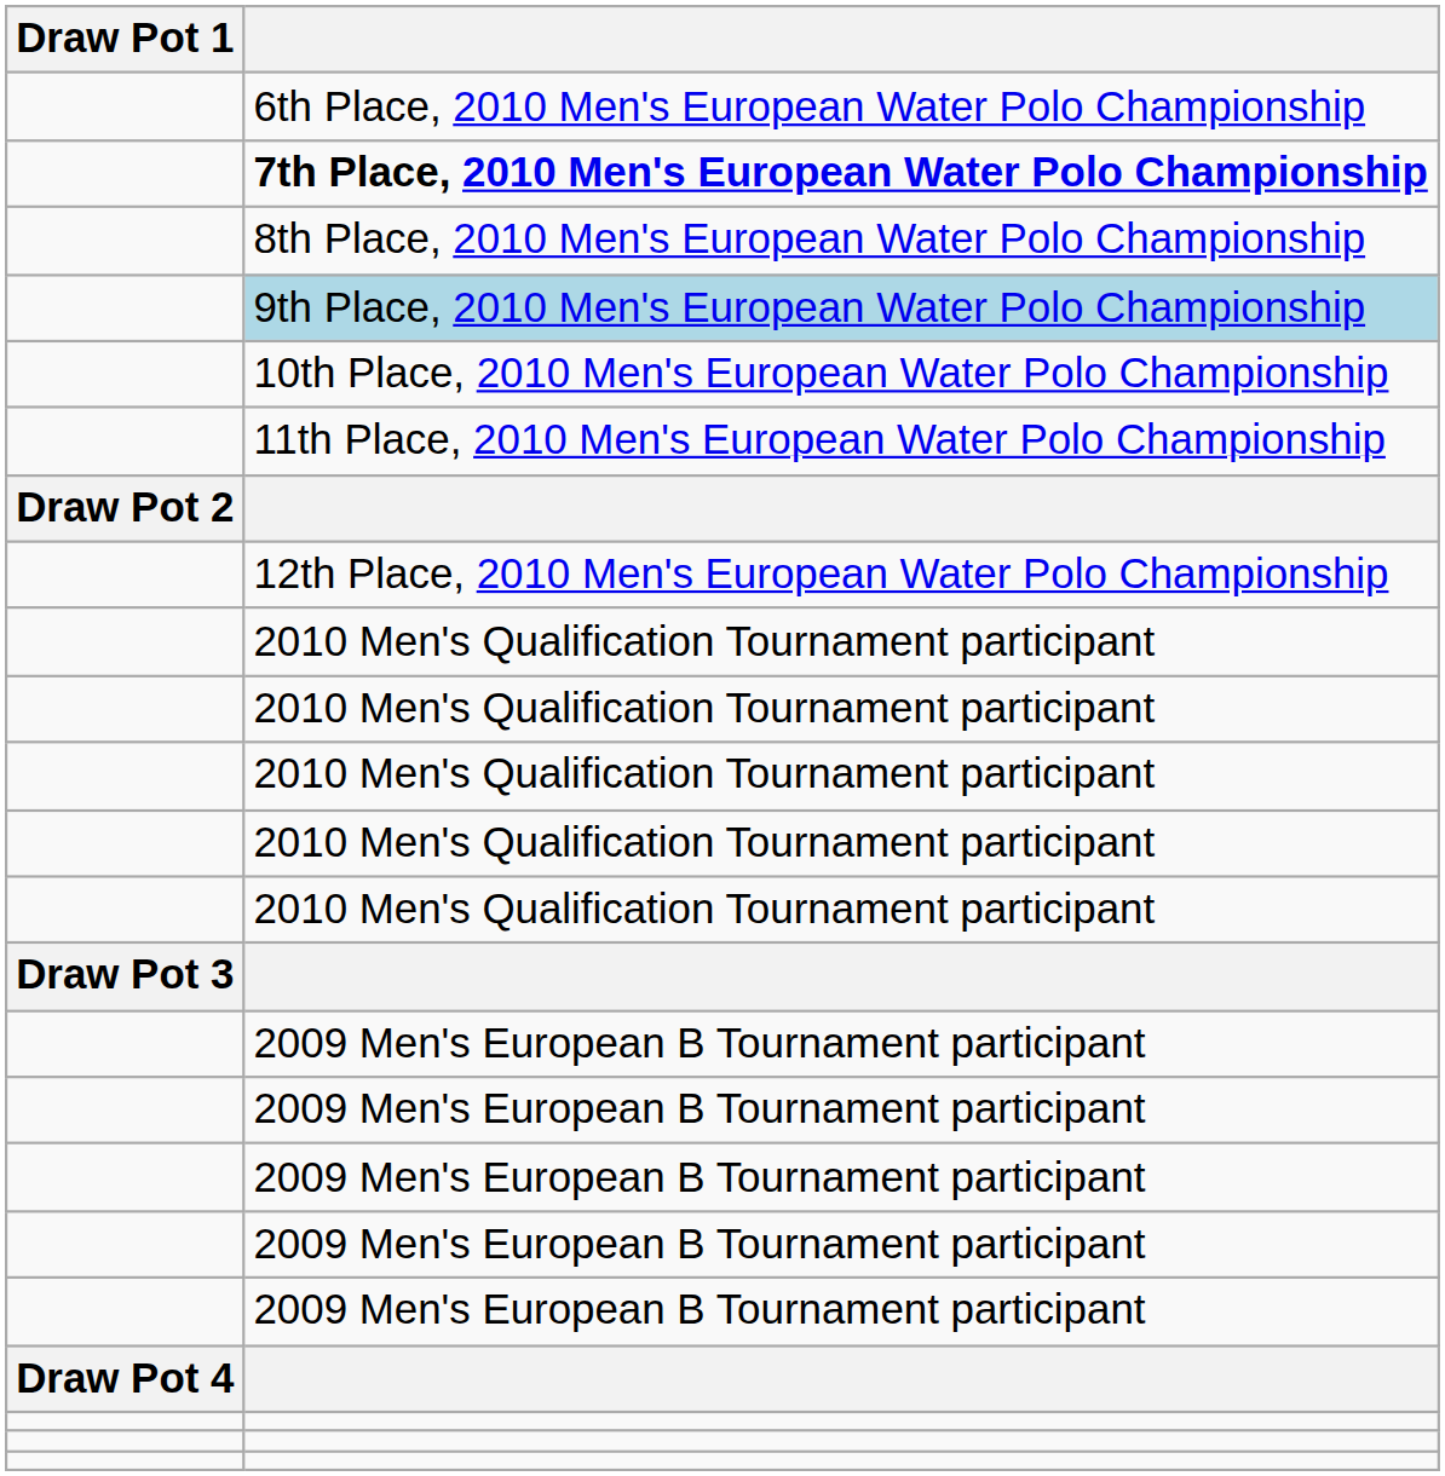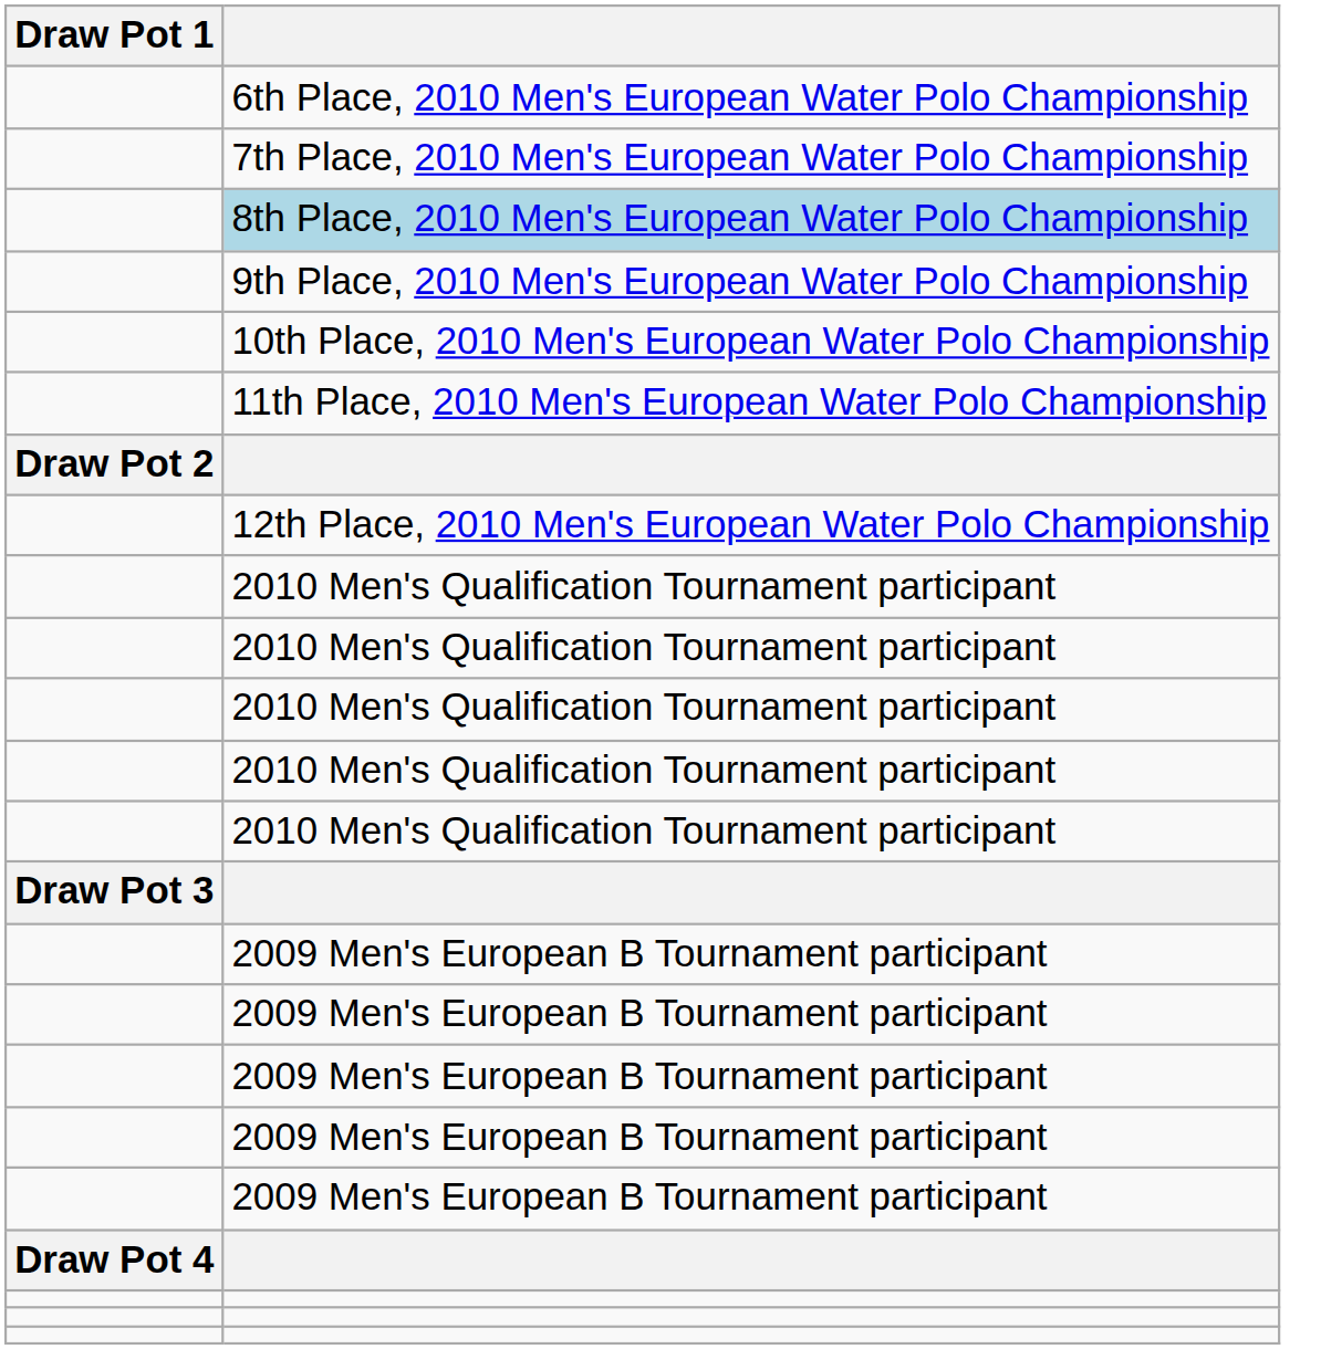 <table class="wikitable">
 <tr>
 <th>Draw Pot 1</th>
 <th></th>
 </tr>
 <tr>
 <td></td>
 <td>6th Place, <a href='#'>2010 Men's European Water Polo Championship</a></td>
 </tr>
 <tr>
 <td></td>
-<td><strong>7th Place, <a href='#'>2010 Men's European Water Polo Championship</a></strong></td>
+<td>7th Place, <a href='#'>2010 Men's European Water Polo Championship</a></td>
 </tr>
 <tr>
 <td></td>
-<td>8th Place, <a href='#'>2010 Men's European Water Polo Championship</a></td>
+<td style="background: lightblue;">8th Place, <a href='#'>2010 Men's European Water Polo Championship</a></td>
 </tr>
 <tr>
 <td></td>
-<td style="background: lightblue;">9th Place, <a href='#'>2010 Men's European Water Polo Championship</a></td>
+<td>9th Place, <a href='#'>2010 Men's European Water Polo Championship</a></td>
 </tr>
 <tr>
 <td></td>
 <td>10th Place, <a href='#'>2010 Men's European Water Polo Championship</a></td>
 </tr>
 <tr>
 <td></td>
 <td>11th Place, <a href='#'>2010 Men's European Water Polo Championship</a></td>
 </tr>
 <tr>
 <th>Draw Pot 2</th>
 <th></th>
 </tr>
 <tr>
 <td></td>
 <td>12th Place, <a href='#'>2010 Men's European Water Polo Championship</a></td>
 </tr>
 <tr>
 <td></td>
 <td>2010 Men's Qualification Tournament participant</td>
 </tr>
 <tr>
 <td></td>
 <td>2010 Men's Qualification Tournament participant</td>
 </tr>
 <tr>
 <td></td>
 <td>2010 Men's Qualification Tournament participant</td>
 </tr>
 <tr>
 <td></td>
 <td>2010 Men's Qualification Tournament participant</td>
 </tr>
 <tr>
 <td></td>
 <td>2010 Men's Qualification Tournament participant</td>
 </tr>
 <tr>
 <th>Draw Pot 3</th>
 <th></th>
 </tr>
 <tr>
 <td></td>
 <td>2009 Men's European B Tournament participant</td>
 </tr>
 <tr>
 <td></td>
 <td>2009 Men's European B Tournament participant</td>
 </tr>
 <tr>
 <td></td>
 <td>2009 Men's European B Tournament participant</td>
 </tr>
 <tr>
 <td></td>
 <td>2009 Men's European B Tournament participant</td>
 </tr>
 <tr>
 <td></td>
 <td>2009 Men's European B Tournament participant</td>
 </tr>
 <tr>
 <th>Draw Pot 4</th>
 <th></th>
 </tr>
 <tr>
 <td></td>
 <td></td>
 </tr>
 <tr>
 <td></td>
 <td></td>
 </tr>
 <tr>
 <td></td>
 <td></td>
 </tr>
 </table>
